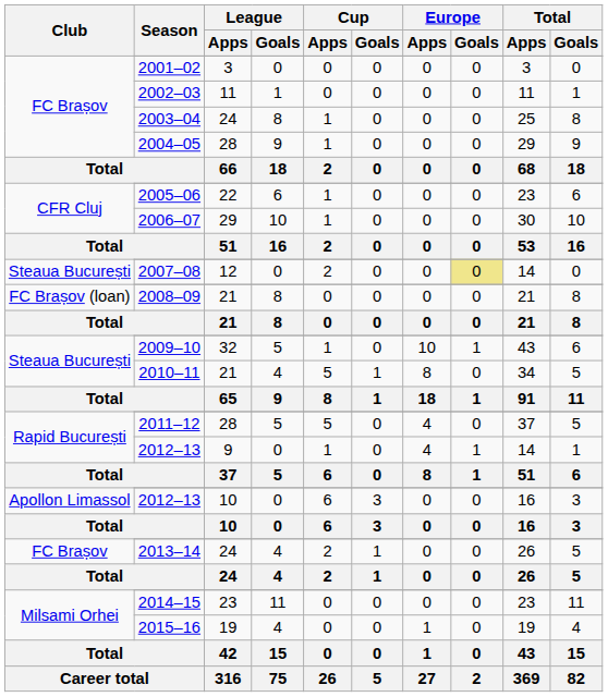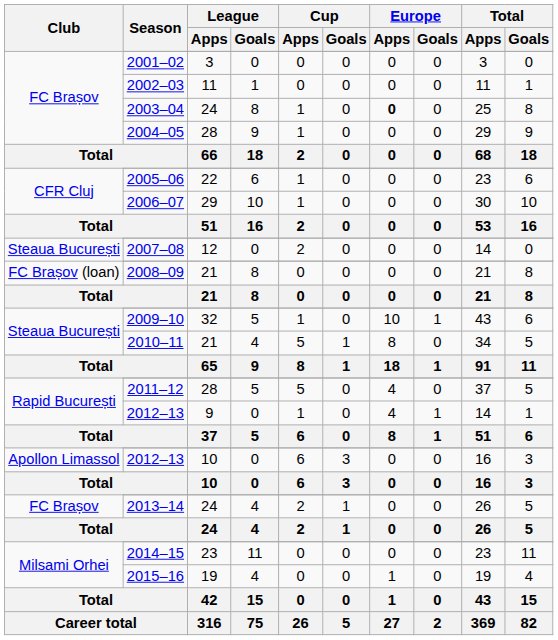 <table class="wikitable" style="text-align: center;">
 <tr>
 <th rowspan="2">Club</th>
 <th rowspan="2">Season</th>
 <th colspan="2">League</th>
 <th colspan="2">Cup</th>
 <th colspan="2"><a href='#'>Europe</a></th>
 <th colspan="2">Total</th>
 </tr>
 <tr>
 <th>Apps</th>
 <th>Goals</th>
 <th>Apps</th>
 <th>Goals</th>
 <th>Apps</th>
 <th>Goals</th>
 <th>Apps</th>
 <th>Goals</th>
 </tr>
 <tr>
 <td rowspan="5"><a href='#'>FC Brașov</a></td>
 </tr>
 <tr>
 <td><a href='#'>2001–02</a></td>
 <td>3</td>
 <td>0</td>
 <td>0</td>
 <td>0</td>
 <td>0</td>
 <td>0</td>
 <td>3</td>
 <td>0</td>
 </tr>
 <tr>
 <td><a href='#'>2002–03</a></td>
 <td>11</td>
 <td>1</td>
 <td>0</td>
 <td>0</td>
 <td>0</td>
 <td>0</td>
 <td>11</td>
 <td>1</td>
 </tr>
 <tr>
 <td><a href='#'>2003–04</a></td>
 <td>24</td>
 <td>8</td>
 <td>1</td>
 <td>0</td>
-<td>0</td>
+<td><strong>0</strong></td>
 <td>0</td>
 <td>25</td>
 <td>8</td>
 </tr>
 <tr>
 <td><a href='#'>2004–05</a></td>
 <td>28</td>
 <td>9</td>
 <td>1</td>
 <td>0</td>
 <td>0</td>
 <td>0</td>
 <td>29</td>
 <td>9</td>
 </tr>
 <tr>
 <th colspan="2">Total</th>
 <th>66</th>
 <th>18</th>
 <th>2</th>
 <th>0</th>
 <th>0</th>
 <th>0</th>
 <th>68</th>
 <th>18</th>
 </tr>
 <tr>
 <td rowspan="3"><a href='#'>CFR Cluj</a></td>
 </tr>
 <tr>
 <td><a href='#'>2005–06</a></td>
 <td>22</td>
 <td>6</td>
 <td>1</td>
 <td>0</td>
 <td>0</td>
 <td>0</td>
 <td>23</td>
 <td>6</td>
 </tr>
 <tr>
 <td><a href='#'>2006–07</a></td>
 <td>29</td>
 <td>10</td>
 <td>1</td>
 <td>0</td>
 <td>0</td>
 <td>0</td>
 <td>30</td>
 <td>10</td>
 </tr>
 <tr>
 <th colspan="2">Total</th>
 <th>51</th>
 <th>16</th>
 <th>2</th>
 <th>0</th>
 <th>0</th>
 <th>0</th>
 <th>53</th>
 <th>16</th>
 </tr>
 <tr>
 <td rowspan="2"><a href='#'>Steaua București</a></td>
 </tr>
 <tr>
 <td><a href='#'>2007–08</a></td>
 <td>12</td>
 <td>0</td>
 <td>2</td>
 <td>0</td>
 <td>0</td>
-<td style="background: khaki;">0</td>
+<td>0</td>
 <td>14</td>
 <td>0</td>
 </tr>
 <tr>
 <td rowspan="2"><a href='#'>FC Brașov</a> (loan)</td>
 </tr>
 <tr>
 <td><a href='#'>2008–09</a></td>
 <td>21</td>
 <td>8</td>
 <td>0</td>
 <td>0</td>
 <td>0</td>
 <td>0</td>
 <td>21</td>
 <td>8</td>
 </tr>
 <tr>
 <th colspan="2">Total</th>
 <th>21</th>
 <th>8</th>
 <th>0</th>
 <th>0</th>
 <th>0</th>
 <th>0</th>
 <th>21</th>
 <th>8</th>
 </tr>
 <tr>
 <td rowspan="3"><a href='#'>Steaua București</a></td>
 </tr>
 <tr>
 <td><a href='#'>2009–10</a></td>
 <td>32</td>
 <td>5</td>
 <td>1</td>
 <td>0</td>
 <td>10</td>
 <td>1</td>
 <td>43</td>
 <td>6</td>
 </tr>
 <tr>
 <td><a href='#'>2010–11</a></td>
 <td>21</td>
 <td>4</td>
 <td>5</td>
 <td>1</td>
 <td>8</td>
 <td>0</td>
 <td>34</td>
 <td>5</td>
 </tr>
 <tr>
 <th colspan="2">Total</th>
 <th>65</th>
 <th>9</th>
 <th>8</th>
 <th>1</th>
 <th>18</th>
 <th>1</th>
 <th>91</th>
 <th>11</th>
 </tr>
 <tr>
 <td rowspan="3"><a href='#'>Rapid București</a></td>
 </tr>
 <tr>
 <td><a href='#'>2011–12</a></td>
 <td>28</td>
 <td>5</td>
 <td>5</td>
 <td>0</td>
 <td>4</td>
 <td>0</td>
 <td>37</td>
 <td>5</td>
 </tr>
 <tr>
 <td><a href='#'>2012–13</a></td>
 <td>9</td>
 <td>0</td>
 <td>1</td>
 <td>0</td>
 <td>4</td>
 <td>1</td>
 <td>14</td>
 <td>1</td>
 </tr>
 <tr>
 <th colspan="2">Total</th>
 <th>37</th>
 <th>5</th>
 <th>6</th>
 <th>0</th>
 <th>8</th>
 <th>1</th>
 <th>51</th>
 <th>6</th>
 </tr>
 <tr>
 <td rowspan="2"><a href='#'>Apollon Limassol</a></td>
 </tr>
 <tr>
 <td><a href='#'>2012–13</a></td>
 <td>10</td>
 <td>0</td>
 <td>6</td>
 <td>3</td>
 <td>0</td>
 <td>0</td>
 <td>16</td>
 <td>3</td>
 </tr>
 <tr>
 <th colspan="2">Total</th>
 <th>10</th>
 <th>0</th>
 <th>6</th>
 <th>3</th>
 <th>0</th>
 <th>0</th>
 <th>16</th>
 <th>3</th>
 </tr>
 <tr>
 <td rowspan="2"><a href='#'>FC Brașov</a></td>
 </tr>
 <tr>
 <td><a href='#'>2013–14</a></td>
 <td>24</td>
 <td>4</td>
 <td>2</td>
 <td>1</td>
 <td>0</td>
 <td>0</td>
 <td>26</td>
 <td>5</td>
 </tr>
 <tr>
 <th colspan="2">Total</th>
 <th>24</th>
 <th>4</th>
 <th>2</th>
 <th>1</th>
 <th>0</th>
 <th>0</th>
 <th>26</th>
 <th>5</th>
 </tr>
 <tr>
 <td rowspan="3"><a href='#'>Milsami Orhei</a></td>
 </tr>
 <tr>
 <td><a href='#'>2014–15</a></td>
 <td>23</td>
 <td>11</td>
 <td>0</td>
 <td>0</td>
 <td>0</td>
 <td>0</td>
 <td>23</td>
 <td>11</td>
 </tr>
 <tr>
 <td><a href='#'>2015–16</a></td>
 <td>19</td>
 <td>4</td>
 <td>0</td>
 <td>0</td>
 <td>1</td>
 <td>0</td>
 <td>19</td>
 <td>4</td>
 </tr>
 <tr>
 <th colspan="2">Total</th>
 <th>42</th>
 <th>15</th>
 <th>0</th>
 <th>0</th>
 <th>1</th>
 <th>0</th>
 <th>43</th>
 <th>15</th>
 </tr>
 <tr>
 <th colspan="2">Career total</th>
 <th>316</th>
 <th>75</th>
 <th>26</th>
 <th>5</th>
 <th>27</th>
 <th>2</th>
 <th>369</th>
 <th>82</th>
 </tr>
 </table>
